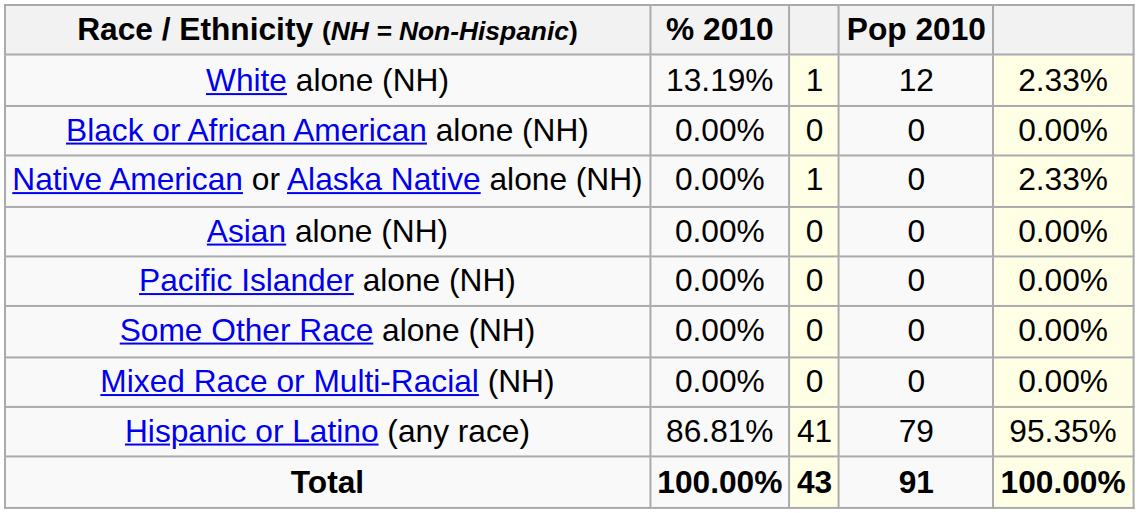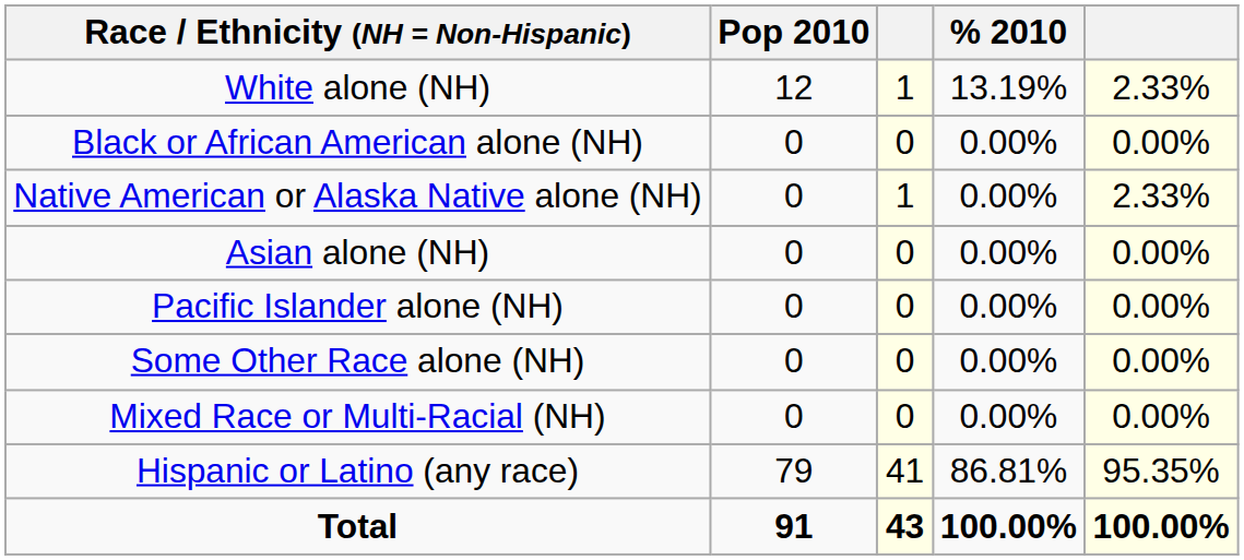 <table class="wikitable" style="text-align:center;">
 <tr>
 <th>Race / Ethnicity <small>(<em>NH = Non-Hispanic</em>)</small></th>
+<th>Pop 2010</th>
+<th></th>
 <th>% 2010</th>
-<th></th>
-<th>Pop 2010</th>
 <th></th>
 </tr>
 <tr>
 <td><a href='#'>White</a> alone (NH)</td>
+<td>12</td>
+<td style='background: #ffffe6;'>1</td>
 <td>13.19%</td>
-<td style='background: #ffffe6;'>1</td>
-<td>12</td>
 <td style='background: #ffffe6;'>2.33%</td>
 </tr>
 <tr>
 <td><a href='#'>Black or African American</a> alone (NH)</td>
+<td>0</td>
+<td style='background: #ffffe6;'>0</td>
 <td>0.00%</td>
-<td style='background: #ffffe6;'>0</td>
-<td>0</td>
 <td style='background: #ffffe6;'>0.00%</td>
 </tr>
 <tr>
 <td><a href='#'>Native American</a> or <a href='#'>Alaska Native</a> alone (NH)</td>
+<td>0</td>
+<td style='background: #ffffe6;'>1</td>
 <td>0.00%</td>
-<td style='background: #ffffe6;'>1</td>
-<td>0</td>
 <td style='background: #ffffe6;'>2.33%</td>
 </tr>
 <tr>
 <td><a href='#'>Asian</a> alone (NH)</td>
+<td>0</td>
+<td style='background: #ffffe6;'>0</td>
 <td>0.00%</td>
-<td style='background: #ffffe6;'>0</td>
-<td>0</td>
 <td style='background: #ffffe6;'>0.00%</td>
 </tr>
 <tr>
 <td><a href='#'>Pacific Islander</a> alone (NH)</td>
+<td>0</td>
+<td style='background: #ffffe6;'>0</td>
 <td>0.00%</td>
-<td style='background: #ffffe6;'>0</td>
-<td>0</td>
 <td style='background: #ffffe6;'>0.00%</td>
 </tr>
 <tr>
 <td><a href='#'>Some Other Race</a> alone (NH)</td>
+<td>0</td>
+<td style='background: #ffffe6;'>0</td>
 <td>0.00%</td>
-<td style='background: #ffffe6;'>0</td>
-<td>0</td>
 <td style='background: #ffffe6;'>0.00%</td>
 </tr>
 <tr>
 <td><a href='#'>Mixed Race or Multi-Racial</a> (NH)</td>
+<td>0</td>
+<td style='background: #ffffe6;'>0</td>
 <td>0.00%</td>
-<td style='background: #ffffe6;'>0</td>
-<td>0</td>
 <td style='background: #ffffe6;'>0.00%</td>
 </tr>
 <tr>
 <td><a href='#'>Hispanic or Latino</a> (any race)</td>
+<td>79</td>
+<td style='background: #ffffe6;'>41</td>
 <td>86.81%</td>
-<td style='background: #ffffe6;'>41</td>
-<td>79</td>
 <td style='background: #ffffe6;'>95.35%</td>
 </tr>
 <tr>
 <td><strong>Total</strong></td>
+<td><strong>91</strong></td>
+<td style='background: #ffffe6;'><strong>43</strong></td>
 <td><strong>100.00%</strong></td>
-<td style='background: #ffffe6;'><strong>43</strong></td>
-<td><strong>91</strong></td>
 <td style='background: #ffffe6;'><strong>100.00%</strong></td>
 </tr>
 </table>
